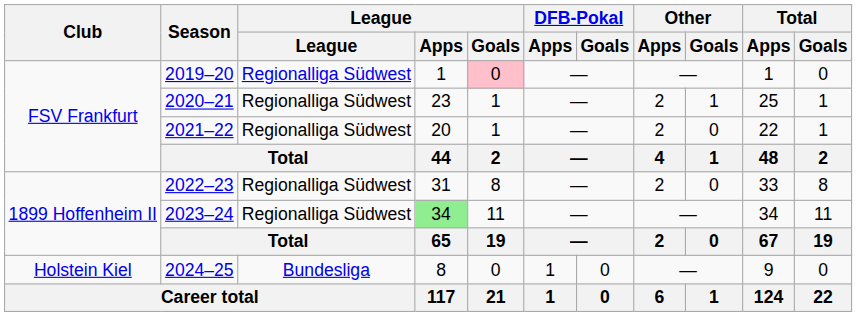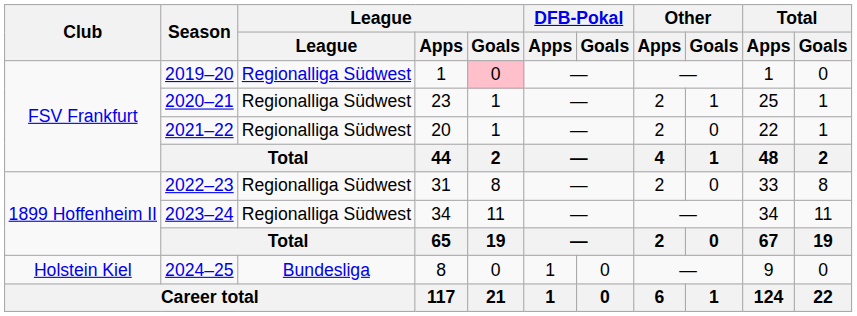 <table class="wikitable" style="text-align:center">
 <tr>
 <th rowspan="2">Club</th>
 <th rowspan="2">Season</th>
 <th colspan="3">League</th>
 <th colspan="2"><a href='#'>DFB-Pokal</a></th>
 <th colspan="2">Other</th>
 <th colspan="2">Total</th>
 </tr>
 <tr>
 <th>League</th>
 <th>Apps</th>
 <th>Goals</th>
 <th>Apps</th>
 <th>Goals</th>
 <th>Apps</th>
 <th>Goals</th>
 <th>Apps</th>
 <th>Goals</th>
 </tr>
 <tr>
 <td rowspan="4"><a href='#'>FSV Frankfurt</a></td>
 <td><a href='#'>2019–20</a></td>
 <td><a href='#'>Regionalliga Südwest</a></td>
 <td>1</td>
 <td style="background: pink;">0</td>
 <td colspan="2">—</td>
 <td colspan="2">—</td>
 <td>1</td>
 <td>0</td>
 </tr>
 <tr>
 <td><a href='#'>2020–21</a></td>
 <td>Regionalliga Südwest</td>
 <td>23</td>
 <td>1</td>
 <td colspan="2">—</td>
 <td>2</td>
 <td>1</td>
 <td>25</td>
 <td>1</td>
 </tr>
 <tr>
 <td><a href='#'>2021–22</a></td>
 <td>Regionalliga Südwest</td>
 <td>20</td>
 <td>1</td>
 <td colspan="2">—</td>
 <td>2</td>
 <td>0</td>
 <td>22</td>
 <td>1</td>
 </tr>
 <tr>
 <th colspan="2">Total</th>
 <th>44</th>
 <th>2</th>
 <th colspan="2">—</th>
 <th>4</th>
 <th>1</th>
 <th>48</th>
 <th>2</th>
 </tr>
 <tr>
 <td rowspan="3"><a href='#'>1899 Hoffenheim II</a></td>
 <td><a href='#'>2022–23</a></td>
 <td>Regionalliga Südwest</td>
 <td>31</td>
 <td>8</td>
 <td colspan="2">—</td>
 <td>2</td>
 <td>0</td>
 <td>33</td>
 <td>8</td>
 </tr>
 <tr>
 <td><a href='#'>2023–24</a></td>
 <td>Regionalliga Südwest</td>
-<td style="background: lightgreen;">34</td>
+<td>34</td>
 <td>11</td>
 <td colspan="2">—</td>
 <td colspan="2">—</td>
 <td>34</td>
 <td>11</td>
 </tr>
 <tr>
 <th colspan="2">Total</th>
 <th>65</th>
 <th>19</th>
 <th colspan="2">—</th>
 <th>2</th>
 <th>0</th>
 <th>67</th>
 <th>19</th>
 </tr>
 <tr>
 <td><a href='#'>Holstein Kiel</a></td>
 <td><a href='#'>2024–25</a></td>
 <td><a href='#'>Bundesliga</a></td>
 <td>8</td>
 <td>0</td>
 <td>1</td>
 <td>0</td>
 <td colspan="2">—</td>
 <td>9</td>
 <td>0</td>
 </tr>
 <tr>
 <th colspan="3">Career total</th>
 <th>117</th>
 <th>21</th>
 <th>1</th>
 <th>0</th>
 <th>6</th>
 <th>1</th>
 <th>124</th>
 <th>22</th>
 </tr>
 </table>
